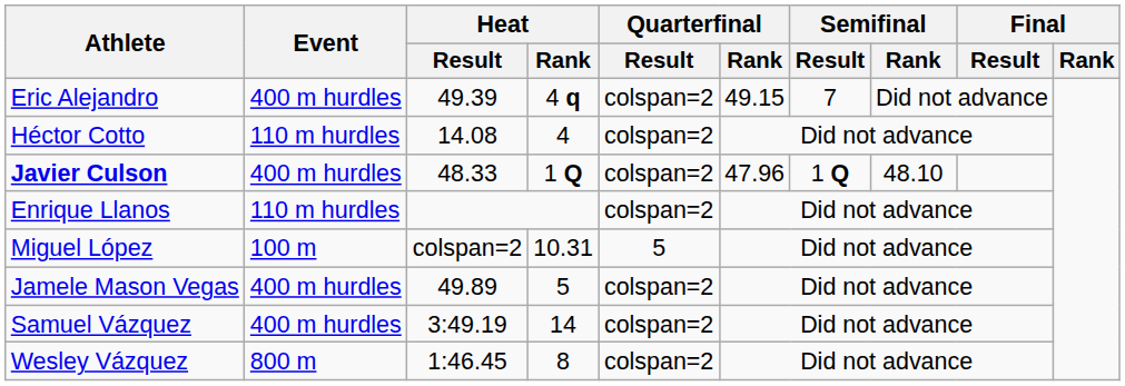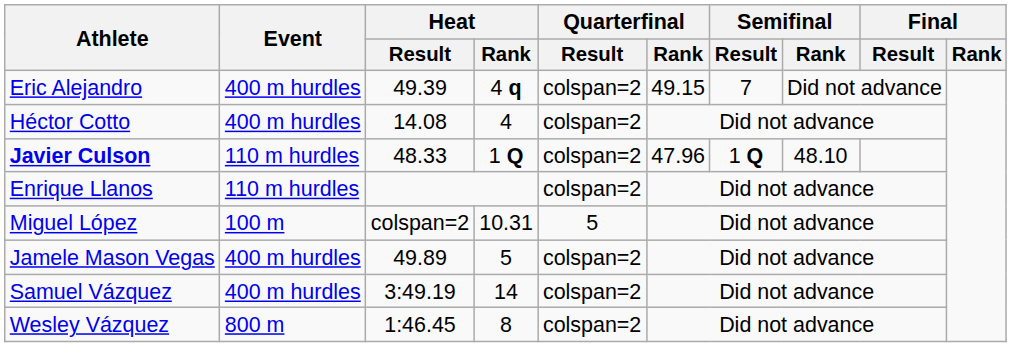 <table class="wikitable" style="font-size:90%">
 <tr>
 <th rowspan="2">Athlete</th>
 <th rowspan="2">Event</th>
 <th colspan="2">Heat</th>
 <th colspan="2">Quarterfinal</th>
 <th colspan="2">Semifinal</th>
 <th colspan="2">Final</th>
 </tr>
 <tr style="font-size:95%">
 <th>Result</th>
 <th>Rank</th>
 <th>Result</th>
 <th>Rank</th>
 <th>Result</th>
 <th>Rank</th>
 <th>Result</th>
 <th>Rank</th>
 </tr>
 <tr align=center>
 <td align=left><a href='#'>Eric Alejandro</a></td>
 <td align=left><a href='#'>400 m hurdles</a></td>
 <td>49.39</td>
 <td>4 <strong>q</strong></td>
 <td>colspan=2 </td>
 <td>49.15</td>
 <td>7</td>
 <td colspan=2>Did not advance</td>
 </tr>
 <tr align=center>
 <td align=left><a href='#'>Héctor Cotto</a></td>
-<td align=left><a href='#'>110 m hurdles</a></td>
+<td align=left><a href='#'>400 m hurdles</a></td>
 <td>14.08</td>
 <td>4</td>
 <td>colspan=2 </td>
 <td colspan=4>Did not advance</td>
 </tr>
 <tr align=center>
 <td align=left><strong><a href='#'>Javier Culson</a></strong></td>
-<td align=left><a href='#'>400 m hurdles</a></td>
+<td align=left><a href='#'>110 m hurdles</a></td>
 <td>48.33</td>
 <td>1 <strong>Q</strong></td>
 <td>colspan=2 </td>
 <td>47.96</td>
 <td>1 <strong>Q</strong></td>
 <td>48.10</td>
 <td></td>
 </tr>
 <tr align=center>
 <td align=left><a href='#'>Enrique Llanos</a></td>
 <td align=left><a href='#'>110 m hurdles</a></td>
 <td colspan=2></td>
 <td>colspan=2 </td>
 <td colspan=4>Did not advance</td>
 </tr>
 <tr align=center>
 <td align=left><a href='#'>Miguel López</a></td>
 <td align=left><a href='#'>100 m</a></td>
 <td>colspan=2 </td>
 <td>10.31</td>
 <td>5</td>
 <td colspan=4>Did not advance</td>
 </tr>
 <tr align=center>
 <td align=left><a href='#'>Jamele Mason Vegas</a></td>
 <td align=left><a href='#'>400 m hurdles</a></td>
 <td>49.89</td>
 <td>5</td>
 <td>colspan=2 </td>
 <td colspan=4>Did not advance</td>
 </tr>
 <tr align=center>
 <td align=left><a href='#'>Samuel Vázquez</a></td>
 <td align=left><a href='#'>400 m hurdles</a></td>
 <td>3:49.19</td>
 <td>14</td>
 <td>colspan=2 </td>
 <td colspan=4>Did not advance</td>
 </tr>
 <tr align=center>
 <td align=left><a href='#'>Wesley Vázquez</a></td>
 <td align=left><a href='#'>800 m</a></td>
 <td>1:46.45</td>
 <td>8</td>
 <td>colspan=2 </td>
 <td colspan=4>Did not advance</td>
 </tr>
 </table>
